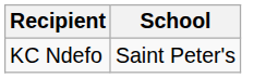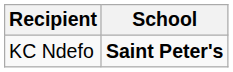 <table class="wikitable" border="1">
 <tr>
 <th>Recipient</th>
 <th>School</th>
 </tr>
 <tr>
 <td>KC Ndefo</td>
-<td>Saint Peter's</td>
+<td><strong>Saint Peter's</strong></td>
 </tr>
 </table>
